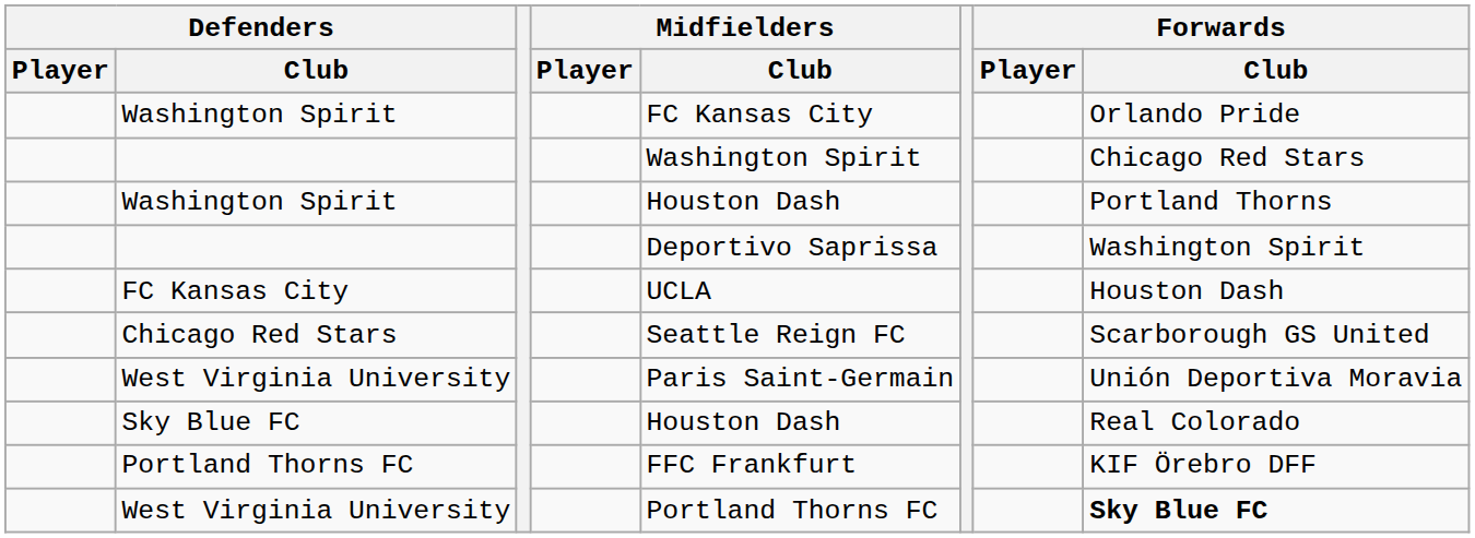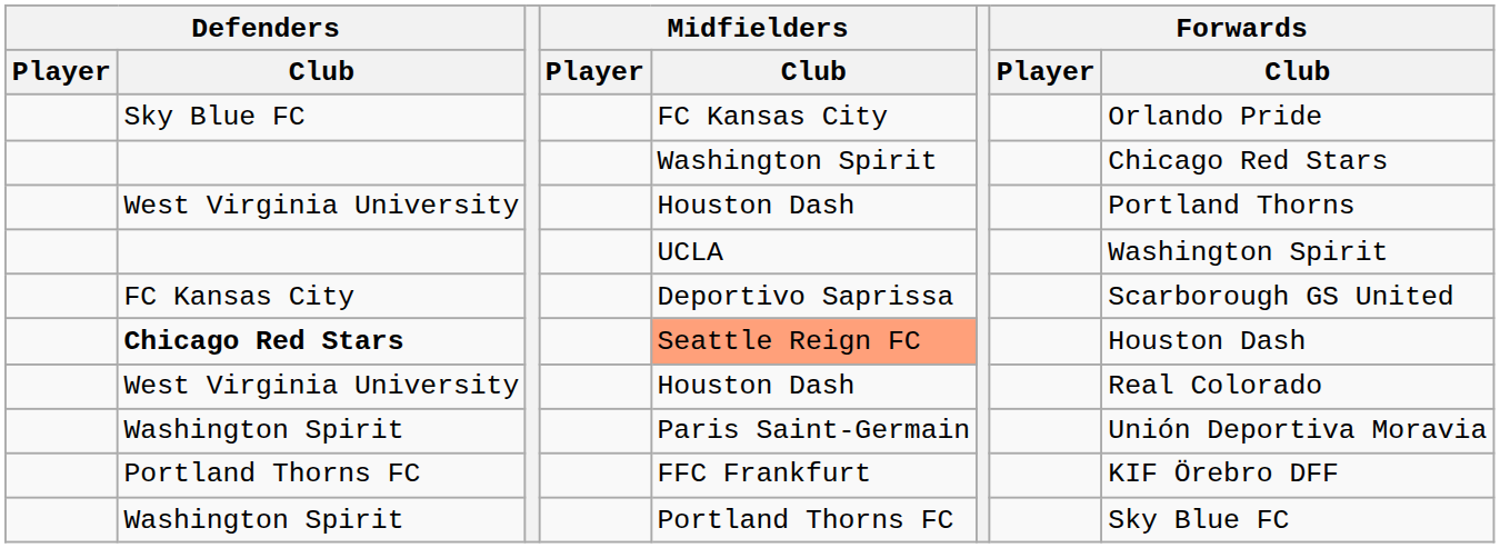 <table class="wikitable">
 <tr>
 <th colspan="2">Defenders</th>
 <th rowspan="12"></th>
 <th colspan="2">Midfielders</th>
 <th rowspan="12"></th>
 <th colspan="2">Forwards</th>
 </tr>
 <tr>
 <th>Player</th>
 <th>Club</th>
 <th>Player</th>
 <th>Club</th>
 <th>Player</th>
 <th>Club</th>
 </tr>
 <tr>
 <td></td>
-<td> Washington Spirit</td>
+<td> Sky Blue FC</td>
 <td></td>
 <td> FC Kansas City</td>
 <td></td>
 <td> Orlando Pride</td>
 </tr>
 <tr>
 <td></td>
 <td></td>
 <td></td>
 <td> Washington Spirit</td>
 <td></td>
 <td> Chicago Red Stars</td>
 </tr>
 <tr>
 <td></td>
-<td> Washington Spirit</td>
+<td> West Virginia University</td>
 <td></td>
 <td> Houston Dash</td>
 <td></td>
 <td> Portland Thorns</td>
 </tr>
 <tr>
 <td></td>
 <td></td>
 <td></td>
-<td> Deportivo Saprissa</td>
+<td> UCLA</td>
 <td></td>
 <td> Washington Spirit</td>
 </tr>
 <tr>
 <td></td>
 <td> FC Kansas City</td>
 <td></td>
-<td> UCLA</td>
+<td> Deportivo Saprissa</td>
+<td></td>
+<td> Scarborough GS United</td>
+</tr>
+<tr>
+<td></td>
+<td><strong> Chicago Red Stars</strong></td>
+<td></td>
+<td style="background: lightsalmon;"> Seattle Reign FC</td>
 <td></td>
 <td> Houston Dash</td>
 </tr>
 <tr>
 <td></td>
-<td> Chicago Red Stars</td>
+<td> West Virginia University</td>
 <td></td>
-<td> Seattle Reign FC</td>
+<td> Houston Dash</td>
 <td></td>
-<td> Scarborough GS United</td>
+<td> Real Colorado</td>
 </tr>
 <tr>
 <td></td>
-<td> West Virginia University</td>
+<td> Washington Spirit</td>
 <td></td>
 <td> Paris Saint-Germain</td>
 <td></td>
 <td> Unión Deportiva Moravia</td>
-</tr>
-<tr>
-<td></td>
-<td> Sky Blue FC</td>
-<td></td>
-<td> Houston Dash</td>
-<td></td>
-<td> Real Colorado</td>
 </tr>
 <tr>
 <td></td>
 <td> Portland Thorns FC</td>
 <td></td>
 <td> FFC Frankfurt</td>
 <td></td>
 <td> KIF Örebro DFF</td>
 </tr>
 <tr>
 <td></td>
-<td> West Virginia University</td>
+<td> Washington Spirit</td>
 <td></td>
 <td> Portland Thorns FC</td>
 <td></td>
-<td><strong> Sky Blue FC</strong></td>
+<td> Sky Blue FC</td>
 </tr>
 </table>
